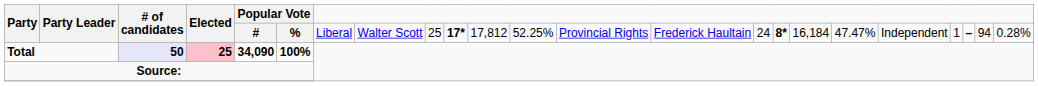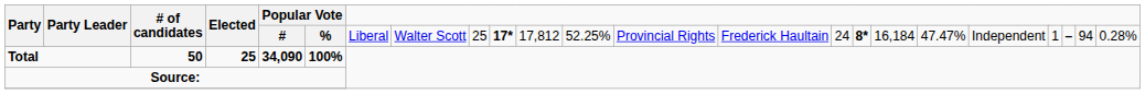 <table class="wikitable">
 <tr>
 <th rowspan=2 colspan=2>Party</th>
 <th rowspan=2>Party Leader</th>
 <th rowspan=2># of<br>candidates</th>
 <th rowspan=2>Elected</th>
 <th colspan=2>Popular Vote</th>
 </tr>
 <tr>
 <th>#</th>
 <th>%<br></th>
 <td><a href='#'>Liberal</a></td>
 <td align="center"><a href='#'>Walter Scott</a></td>
 <td align="right">25</td>
 <td align="right"><strong>17*</strong></td>
 <td align="right">17,812</td>
 <td align="right">52.25%<br></td>
 <td><a href='#'>Provincial Rights</a></td>
 <td align="center"><a href='#'>Frederick Haultain</a></td>
 <td align="right">24</td>
 <td align="right"><strong>8*</strong></td>
 <td align="right">16,184</td>
 <td align="right">47.47%<br></td>
 <td colspan=2>Independent</td>
 <td align="right">1</td>
 <td align="right"><strong>–</strong></td>
 <td align="right">94</td>
 <td align="right">0.28%</td>
 </tr>
 <tr>
 <td colspan=3><strong>Total</strong></td>
-<td align="right" style="background: lavender;"><strong>50</strong></td>
-<td align="right" style="background: pink;"><strong>25</strong></td>
+<td align="right"><strong>50</strong></td>
+<td align="right"><strong>25</strong></td>
 <td align="right"><strong>34,090</strong></td>
 <td align="right"><strong>100%</strong></td>
 </tr>
 <tr>
 <td align="center" colspan=7><strong>Source:</strong> </td>
 </tr>
 <tr>
 </tr>
 </table>
